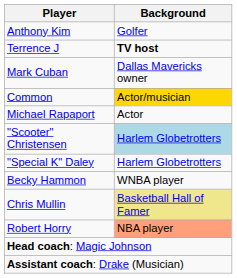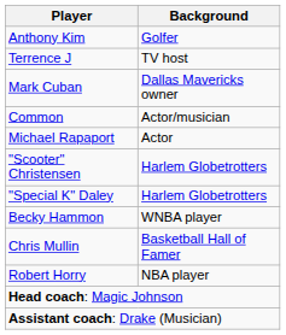 <table class="wikitable">
 <tr>
 <th width=150>Player</th>
 <th width=160>Background</th>
 </tr>
 <tr>
 <td><a href='#'>Anthony Kim</a></td>
 <td><a href='#'>Golfer</a></td>
 </tr>
 <tr>
 <td><a href='#'>Terrence J</a></td>
-<td><strong>TV host</strong></td>
+<td>TV host</td>
 </tr>
 <tr>
 <td><a href='#'>Mark Cuban</a></td>
 <td><a href='#'>Dallas Mavericks</a> owner</td>
 </tr>
 <tr>
 <td><a href='#'>Common</a></td>
-<td style="background: gold;">Actor/musician</td>
+<td>Actor/musician</td>
 </tr>
 <tr>
 <td><a href='#'>Michael Rapaport</a></td>
 <td>Actor</td>
 </tr>
 <tr>
 <td><a href='#'>"Scooter" Christensen</a></td>
-<td style="background: lightblue;"><a href='#'>Harlem Globetrotters</a></td>
+<td><a href='#'>Harlem Globetrotters</a></td>
 </tr>
 <tr>
 <td><a href='#'>"Special K" Daley</a></td>
 <td><a href='#'>Harlem Globetrotters</a></td>
 </tr>
 <tr>
 <td><a href='#'>Becky Hammon</a></td>
 <td>WNBA player</td>
 </tr>
 <tr>
 <td><a href='#'>Chris Mullin</a></td>
-<td style="background: khaki;"><a href='#'>Basketball Hall of Famer</a></td>
+<td><a href='#'>Basketball Hall of Famer</a></td>
 </tr>
 <tr>
 <td><a href='#'>Robert Horry</a></td>
-<td style="background: lightsalmon;">NBA player</td>
+<td>NBA player</td>
 </tr>
 <tr>
 <td colspan="3"><strong>Head coach</strong>: <a href='#'>Magic Johnson</a></td>
 </tr>
 <tr>
 <td colspan="3"><strong>Assistant coach</strong>: <a href='#'>Drake</a> (Musician)</td>
 </tr>
 </table>
